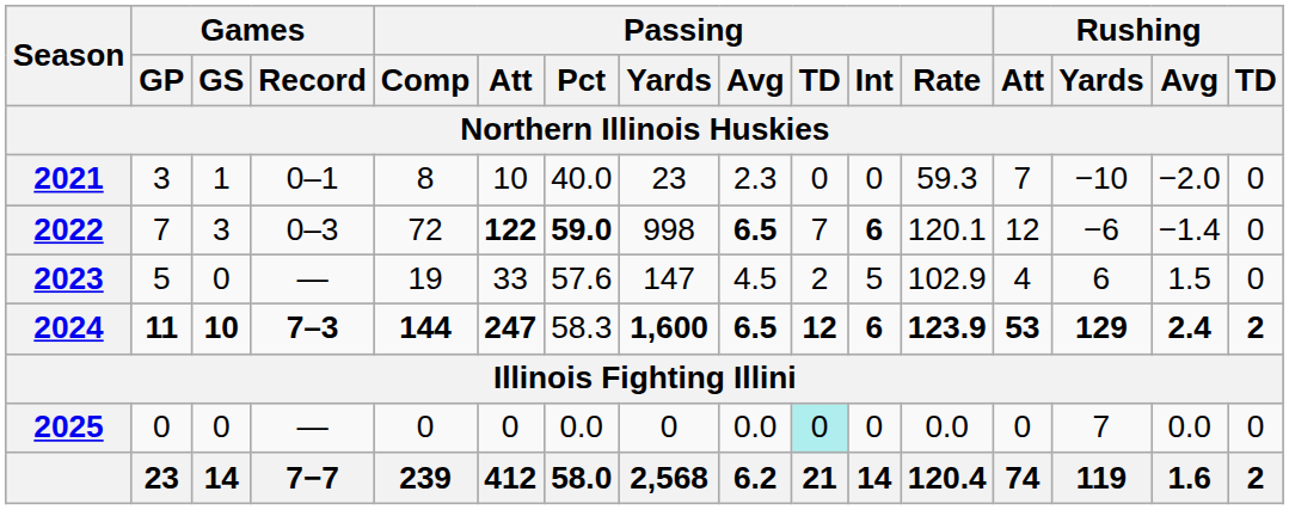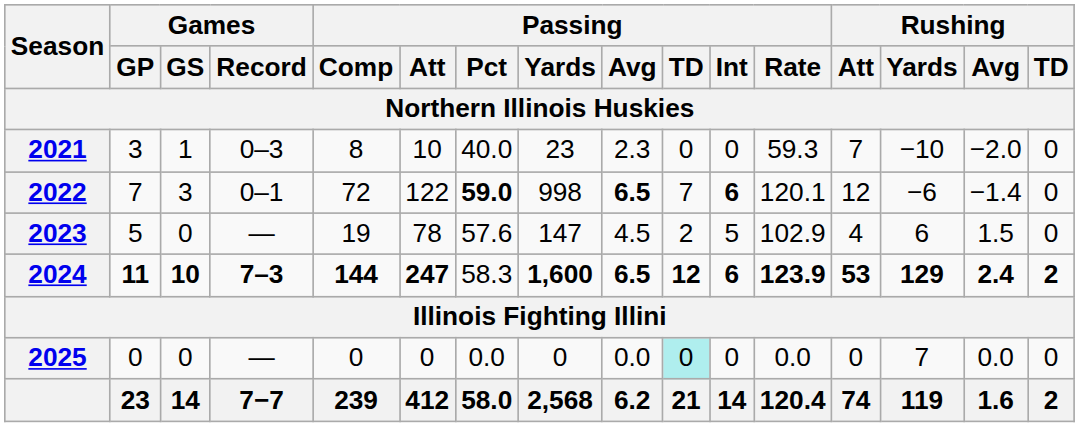 <table class="wikitable" style="text-align:center;">
 <tr>
 <th rowspan="2">Season</th>
 <th colspan="3">Games</th>
 <th colspan="8">Passing</th>
 <th colspan="4">Rushing</th>
 </tr>
 <tr>
 <th>GP</th>
 <th>GS</th>
 <th>Record</th>
 <th>Comp</th>
 <th>Att</th>
 <th>Pct</th>
 <th>Yards</th>
 <th>Avg</th>
 <th>TD</th>
 <th>Int</th>
 <th>Rate</th>
 <th>Att</th>
 <th>Yards</th>
 <th>Avg</th>
 <th>TD</th>
 </tr>
 <tr>
 <th colspan="16">Northern Illinois Huskies</th>
 </tr>
 <tr>
 <th><a href='#'>2021</a></th>
 <td>3</td>
 <td>1</td>
-<td>0–1</td>
+<td>0–3</td>
 <td>8</td>
 <td>10</td>
 <td>40.0</td>
 <td>23</td>
 <td>2.3</td>
 <td>0</td>
 <td>0</td>
 <td>59.3</td>
 <td>7</td>
 <td>−10</td>
 <td>−2.0</td>
 <td>0</td>
 </tr>
 <tr>
 <th><a href='#'>2022</a></th>
 <td>7</td>
 <td>3</td>
-<td>0–3</td>
+<td>0–1</td>
 <td>72</td>
-<td><strong>122</strong></td>
+<td>122</td>
 <td><strong>59.0</strong></td>
 <td>998</td>
 <td><strong>6.5</strong></td>
 <td>7</td>
 <td><strong>6</strong></td>
 <td>120.1</td>
 <td>12</td>
 <td>−6</td>
 <td>−1.4</td>
 <td>0</td>
 </tr>
 <tr>
 <th><a href='#'>2023</a></th>
 <td>5</td>
 <td>0</td>
 <td>—</td>
 <td>19</td>
-<td>33</td>
+<td>78</td>
 <td>57.6</td>
 <td>147</td>
 <td>4.5</td>
 <td>2</td>
 <td>5</td>
 <td>102.9</td>
 <td>4</td>
 <td>6</td>
 <td>1.5</td>
 <td>0</td>
 </tr>
 <tr>
 <th><a href='#'>2024</a></th>
 <td><strong>11</strong></td>
 <td><strong>10</strong></td>
 <td><strong>7–3</strong></td>
 <td><strong>144</strong></td>
 <td><strong>247</strong></td>
 <td>58.3</td>
 <td><strong>1,600</strong></td>
 <td><strong>6.5</strong></td>
 <td><strong>12</strong></td>
 <td><strong>6</strong></td>
 <td><strong>123.9</strong></td>
 <td><strong>53</strong></td>
 <td><strong>129</strong></td>
 <td><strong>2.4</strong></td>
 <td><strong>2</strong></td>
 </tr>
 <tr>
 <th colspan="16">Illinois Fighting Illini</th>
 </tr>
 <tr>
 <th><a href='#'>2025</a></th>
 <td>0</td>
 <td>0</td>
 <td>—</td>
 <td>0</td>
 <td>0</td>
 <td>0.0</td>
 <td>0</td>
 <td>0.0</td>
 <td style="background: paleturquoise;">0</td>
 <td>0</td>
 <td>0.0</td>
 <td>0</td>
 <td>7</td>
 <td>0.0</td>
 <td>0</td>
 </tr>
 <tr>
 <th></th>
 <th>23</th>
 <th>14</th>
 <th>7−7</th>
 <th>239</th>
 <th>412</th>
 <th>58.0</th>
 <th>2,568</th>
 <th>6.2</th>
 <th>21</th>
 <th>14</th>
 <th>120.4</th>
 <th>74</th>
 <th>119</th>
 <th>1.6</th>
 <th>2</th>
 </tr>
 </table>
